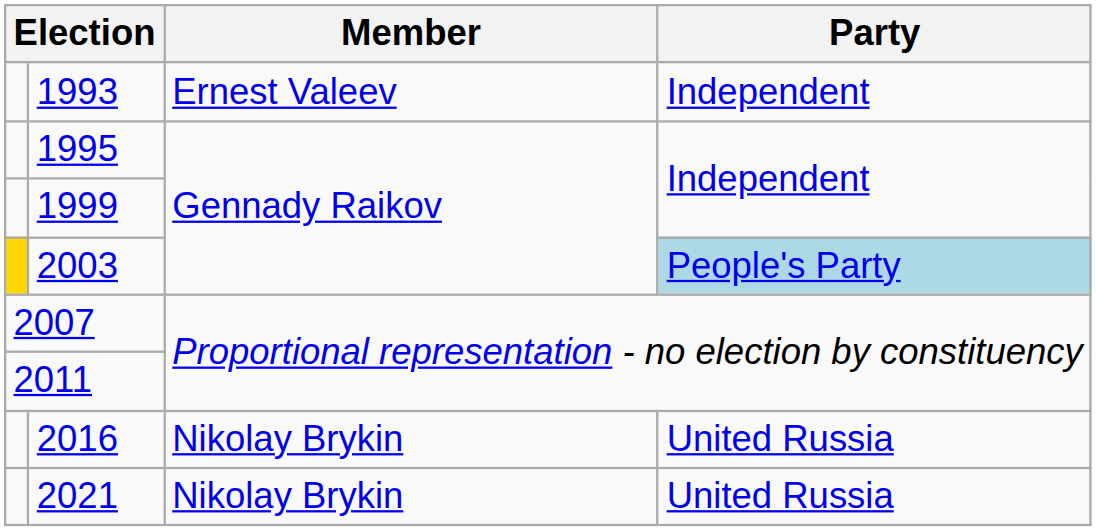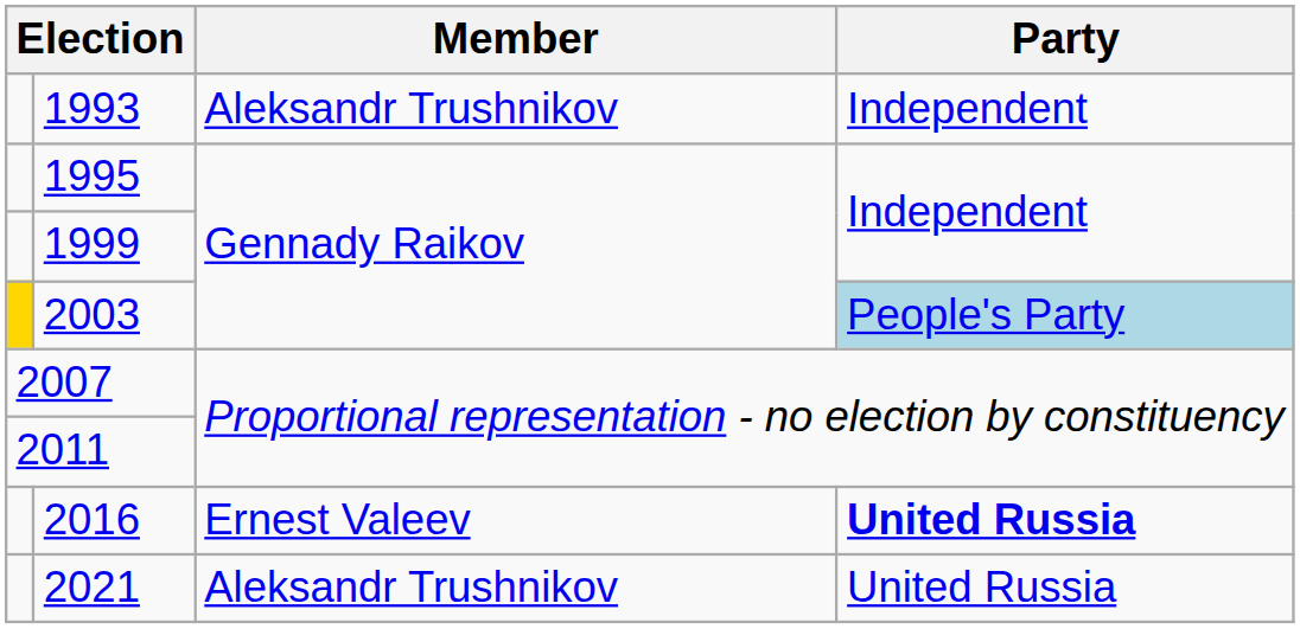 <table class="wikitable">
 <tr>
 <th colspan="2">Election</th>
 <th>Member</th>
 <th>Party</th>
 </tr>
 <tr>
 <td style="background-color:"></td>
 <td><a href='#'>1993</a></td>
-<td><a href='#'>Ernest Valeev</a></td>
+<td><a href='#'>Aleksandr Trushnikov</a></td>
 <td><a href='#'>Independent</a></td>
 </tr>
 <tr>
 <td style="background-color:"></td>
 <td><a href='#'>1995</a></td>
 <td rowspan=3><a href='#'>Gennady Raikov</a></td>
 <td rowspan=2><a href='#'>Independent</a></td>
 </tr>
 <tr>
 <td style="background-color:"></td>
 <td><a href='#'>1999</a></td>
 </tr>
 <tr>
 <td style="background-color:#FFD700"></td>
 <td><a href='#'>2003</a></td>
 <td style="background: lightblue;"><a href='#'>People's Party</a></td>
 </tr>
 <tr>
 <td colspan=2><a href='#'>2007</a></td>
 <td colspan=2 rowspan=2><em><a href='#'>Proportional representation</a> - no election by constituency</em></td>
 </tr>
 <tr>
 <td colspan=2><a href='#'>2011</a></td>
 </tr>
 <tr>
 <td style="background-color: "></td>
 <td><a href='#'>2016</a></td>
-<td><a href='#'>Nikolay Brykin</a></td>
-<td><a href='#'>United Russia</a></td>
+<td><a href='#'>Ernest Valeev</a></td>
+<td><strong><a href='#'>United Russia</a></strong></td>
 </tr>
 <tr>
 <td style="background-color: "></td>
 <td><a href='#'>2021</a></td>
-<td><a href='#'>Nikolay Brykin</a></td>
+<td><a href='#'>Aleksandr Trushnikov</a></td>
 <td><a href='#'>United Russia</a></td>
 </tr>
 </table>
